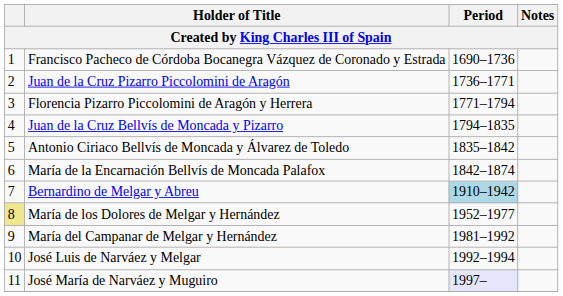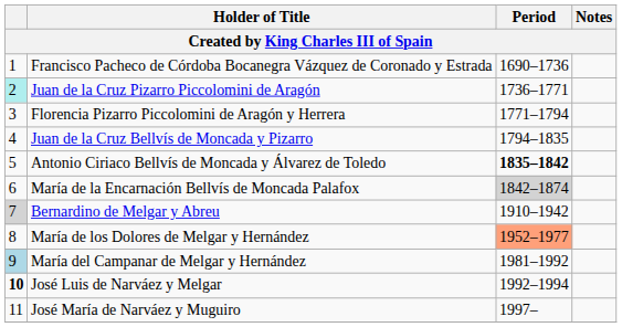 <table class="wikitable">
 <tr>
 <th></th>
 <th>Holder of Title</th>
 <th>Period</th>
 <th>Notes</th>
 </tr>
 <tr bgcolor="#dddddd" |>
 <th colspan="5">Created by <a href='#'>King Charles III of Spain</a></th>
 </tr>
 <tr>
 <td>1</td>
 <td>Francisco Pacheco de Córdoba Bocanegra Vázquez de Coronado y Estrada</td>
 <td>1690–1736</td>
 <td></td>
 </tr>
 <tr>
-<td>2</td>
+<td style="background: paleturquoise;">2</td>
 <td><a href='#'>Juan de la Cruz Pizarro Piccolomini de Aragón</a></td>
 <td>1736–1771</td>
 <td></td>
 </tr>
 <tr>
 <td>3</td>
 <td>Florencia Pizarro Piccolomini de Aragón y Herrera</td>
 <td>1771–1794</td>
 <td></td>
 </tr>
 <tr>
 <td>4</td>
 <td><a href='#'>Juan de la Cruz Bellvís de Moncada y Pizarro</a></td>
 <td>1794–1835</td>
 <td></td>
 </tr>
 <tr>
 <td>5</td>
 <td>Antonio Ciriaco Bellvís de Moncada y Álvarez de Toledo</td>
-<td>1835–1842</td>
+<td><strong>1835–1842</strong></td>
 <td></td>
 </tr>
 <tr>
 <td>6</td>
 <td>María de la Encarnación Bellvís de Moncada Palafox</td>
-<td>1842–1874</td>
+<td style="background: lightgrey;">1842–1874</td>
 <td></td>
 </tr>
 <tr>
-<td>7</td>
+<td style="background: lightgrey;">7</td>
 <td><a href='#'>Bernardino de Melgar y Abreu</a></td>
-<td style="background: lightblue;">1910–1942</td>
+<td>1910–1942</td>
 <td></td>
 </tr>
 <tr>
-<td style="background: khaki;">8</td>
+<td>8</td>
 <td>María de los Dolores de Melgar y Hernández</td>
-<td>1952–1977</td>
+<td style="background: lightsalmon;">1952–1977</td>
 <td></td>
 </tr>
 <tr>
-<td>9</td>
+<td style="background: lightblue;">9</td>
 <td>María del Campanar de Melgar y Hernández</td>
 <td>1981–1992</td>
 <td></td>
 </tr>
 <tr>
-<td>10</td>
+<td><strong>10</strong></td>
 <td>José Luis de Narváez y Melgar</td>
 <td>1992–1994</td>
 <td></td>
 </tr>
 <tr>
 <td>11</td>
 <td>José María de Narváez y Muguiro</td>
-<td style="background: lavender;">1997–</td>
+<td>1997–</td>
 <td></td>
 </tr>
 <tr>
 </tr>
 </table>
